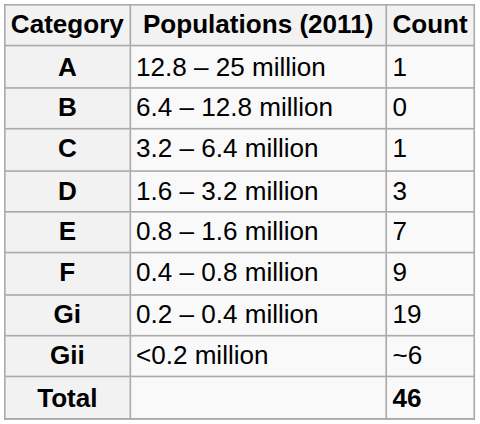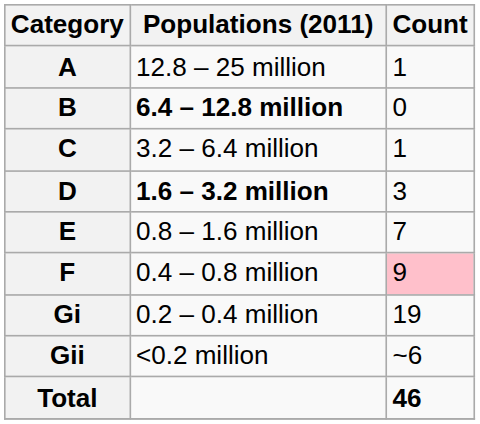 <table class="wikitable sortable">
 <tr>
 <th style="alignment:center;">Category</th>
 <th style="width:150px;">Populations (2011)</th>
 <th>Count</th>
 </tr>
 <tr>
 <th>A</th>
 <td style="width:150px;">12.8 – 25 million</td>
 <td>1</td>
 </tr>
 <tr>
 <th>B</th>
-<td style="width:150px;">6.4 – 12.8 million</td>
+<td style="width:150px;"><strong>6.4 – 12.8 million</strong></td>
 <td>0</td>
 </tr>
 <tr>
 <th>C</th>
 <td style="width:150px;">3.2 – 6.4 million</td>
 <td>1</td>
 </tr>
 <tr>
 <th>D</th>
-<td style="width:150px;">1.6 – 3.2 million</td>
+<td style="width:150px;"><strong>1.6 – 3.2 million</strong></td>
 <td>3</td>
 </tr>
 <tr>
 <th>E</th>
 <td style="width:150px;">0.8 – 1.6 million</td>
 <td>7</td>
 </tr>
 <tr>
 <th>F</th>
 <td style="width:150px;">0.4 – 0.8 million</td>
-<td>9</td>
+<td style="background: pink;">9</td>
 </tr>
 <tr>
 <th>Gi</th>
 <td style="width:150px;">0.2 – 0.4 million</td>
 <td>19</td>
 </tr>
 <tr>
 <th>Gii</th>
 <td style="width:150px;"><0.2 million</td>
 <td>~6</td>
 </tr>
 <tr>
 <th>Total</th>
 <td style="width:150px;"></td>
 <td><strong>46</strong></td>
 </tr>
 <tr>
 </tr>
 </table>
